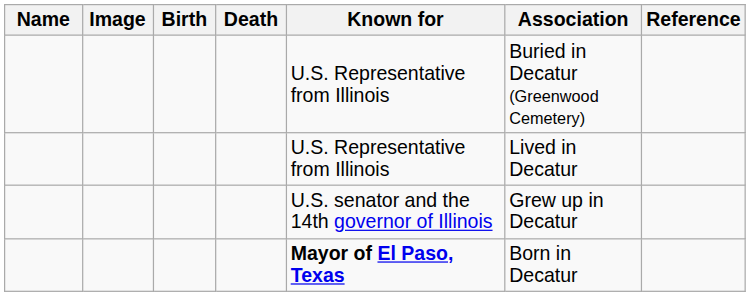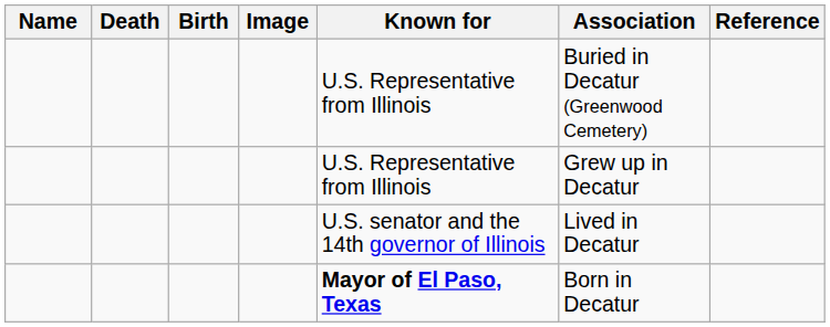 <table class="wikitable sortable">
 <tr>
 <th scope="col" style="width:140px;">Name</th>
+<th scope="col" style="width:90px;">Death</th>
+<th scope="col" style="width:90px;">Birth</th>
 <th scope="col" style="width:80px;" class="unsortable">Image</th>
-<th scope="col" style="width:90px;">Birth</th>
-<th scope="col" style="width:90px;">Death</th>
 <th scope="col" style="width:600px;" class="unsortable">Known for</th>
 <th scope="col" style="width:200px;" class="unsortable">Association</th>
 <th scope="col" style="width:30px;" class="unsortable">Reference</th>
 </tr>
 <tr>
 <td></td>
-<td></td>
 <td align=right></td>
 <td align=right></td>
+<td></td>
 <td>U.S. Representative from Illinois</td>
 <td>Buried in Decatur <small>(Greenwood Cemetery)</small></td>
 <td style="text-align:center;"></td>
 </tr>
 <tr>
 <td></td>
+<td align=right></td>
+<td align=right></td>
+<td></td>
+<td>U.S. Representative from Illinois</td>
+<td>Grew up in Decatur</td>
+<td style="text-align:center;"></td>
+</tr>
+<tr>
 <td></td>
 <td align=right></td>
 <td align=right></td>
-<td>U.S. Representative from Illinois</td>
+<td></td>
+<td>U.S. senator and the 14th <a href='#'>governor of Illinois</a></td>
 <td>Lived in Decatur</td>
 <td style="text-align:center;"></td>
 </tr>
 <tr>
 <td></td>
-<td></td>
 <td align=right></td>
 <td align=right></td>
-<td>U.S. senator and the 14th <a href='#'>governor of Illinois</a></td>
-<td>Grew up in Decatur</td>
-<td style="text-align:center;"></td>
-</tr>
-<tr>
 <td></td>
-<td></td>
-<td align=right></td>
-<td align=right></td>
 <td><strong>Mayor of <a href='#'>El Paso, Texas</a></strong></td>
 <td>Born in Decatur</td>
 <td style="text-align:center;"></td>
 </tr>
 </table>
